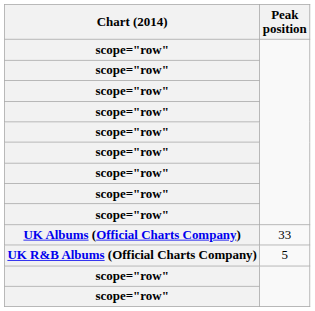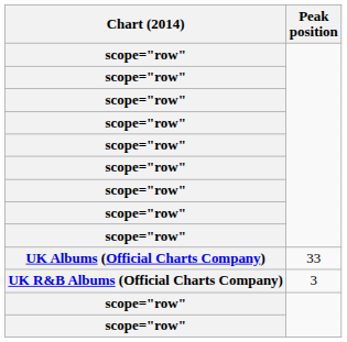 <table class="wikitable sortable plainrowheaders" style="text-align:center">
 <tr>
 <th>Chart (2014)</th>
 <th>Peak<br>position</th>
 </tr>
 <tr>
 <th>scope="row" </th>
 </tr>
 <tr>
 <th>scope="row" </th>
 </tr>
 <tr>
 <th>scope="row" </th>
 </tr>
 <tr>
 <th>scope="row" </th>
 </tr>
 <tr>
 <th>scope="row" </th>
 </tr>
 <tr>
 <th>scope="row" </th>
 </tr>
 <tr>
 <th>scope="row" </th>
 </tr>
 <tr>
 <th>scope="row" </th>
 </tr>
 <tr>
 <th>scope="row" </th>
 </tr>
 <tr>
 <th scope="row"><a href='#'>UK Albums</a> (<a href='#'>Official Charts Company</a>)</th>
 <td align=center>33</td>
 </tr>
 <tr>
 <th scope="row"><a href='#'>UK R&B Albums</a> (Official Charts Company)</th>
-<td style="text-align:center;">5</td>
+<td style="text-align:center;">3</td>
 </tr>
 <tr>
 <th>scope="row" </th>
 </tr>
 <tr>
 <th>scope="row" </th>
 </tr>
 </table>
